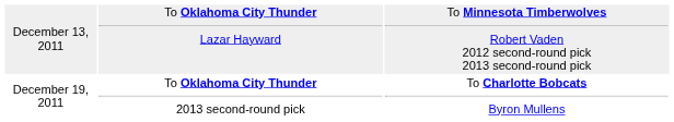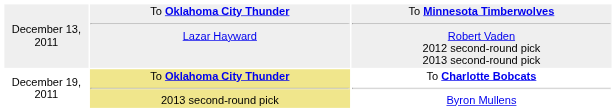 <table style="text-align: center">
 <tr style="background:#eeee">
 <td style="width:10%">December 13, 2011</td>
 <td style="width:31%; vertical-align:top;">To <strong><a href='#'>Oklahoma City Thunder</a></strong><hr><a href='#'>Lazar Hayward</a></td>
 <td style="width:31%; vertical-align:top;">To <strong><a href='#'>Minnesota Timberwolves</a></strong><hr><a href='#'>Robert Vaden</a><br>2012 second-round pick<br>2013 second-round pick</td>
 </tr>
 <tr>
 <td style="width:10%">December 19, 2011</td>
-<td style="width:31%; vertical-align:top;">To <strong><a href='#'>Oklahoma City Thunder</a></strong><hr>2013 second-round pick</td>
+<td style="background: khaki; width:31%; vertical-align:top;">To <strong><a href='#'>Oklahoma City Thunder</a></strong><hr>2013 second-round pick</td>
 <td style="width:31%; vertical-align:top;">To <strong><a href='#'>Charlotte Bobcats</a></strong><hr><a href='#'>Byron Mullens</a></td>
 </tr>
 </table>
